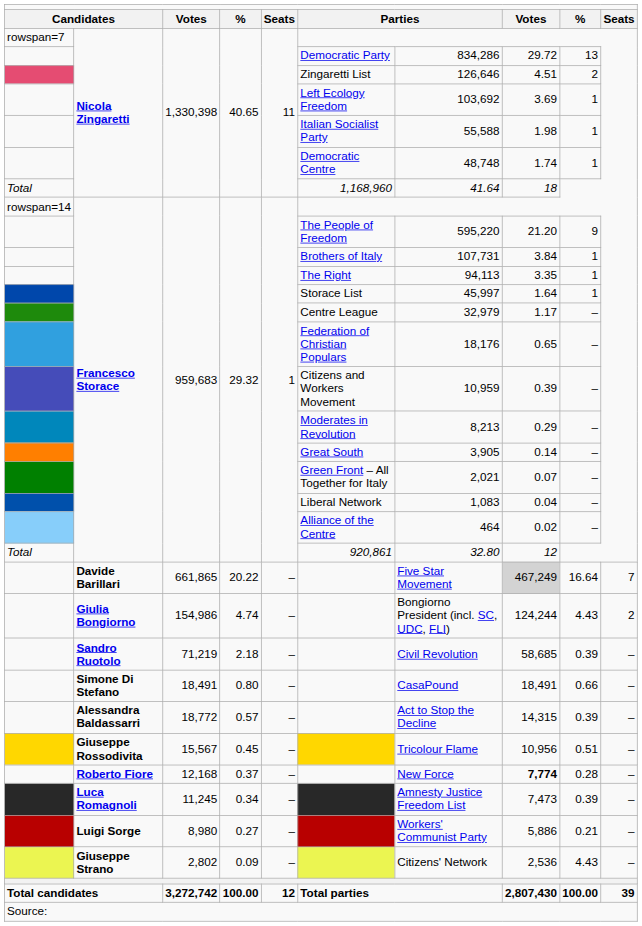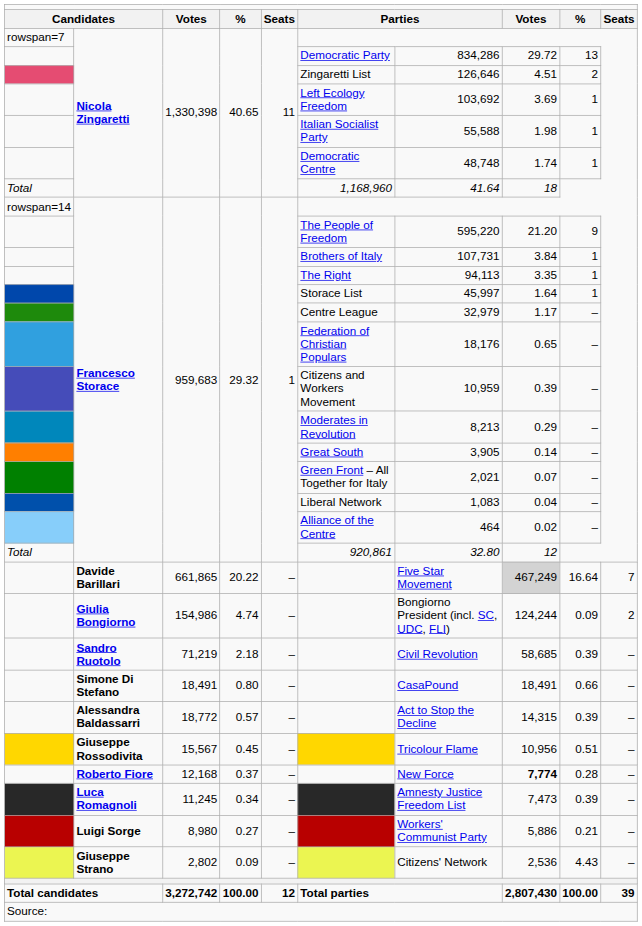 <table class="wikitable">
 <tr>
 <td colspan=10></td>
 </tr>
 <tr>
 <th colspan=2>Candidates</th>
 <th>Votes</th>
 <th>%</th>
 <th>Seats</th>
 <th colspan=2>Parties</th>
 <th>Votes</th>
 <th>%</th>
 <th>Seats</th>
 </tr>
 <tr>
 <td>rowspan=7 </td>
 <td rowspan=7><strong><a href='#'>Nicola Zingaretti</a></strong></td>
 <td rowspan=7 align=right>1,330,398</td>
 <td rowspan=7 align=right>40.65</td>
 <td rowspan=7 align=right>11</td>
 </tr>
 <tr>
 <td></td>
 <td align="left"><a href='#'>Democratic Party</a></td>
 <td align=right>834,286</td>
 <td align=right>29.72</td>
 <td align=right>13</td>
 </tr>
 <tr>
 <td bgcolor="#E54C72"></td>
 <td align="left">Zingaretti List</td>
 <td align=right>126,646</td>
 <td align=right>4.51</td>
 <td align=right>2</td>
 </tr>
 <tr>
 <td></td>
 <td align="left"><a href='#'>Left Ecology Freedom</a></td>
 <td align=right>103,692</td>
 <td align=right>3.69</td>
 <td align=right>1</td>
 </tr>
 <tr>
 <td></td>
 <td align="left"><a href='#'>Italian Socialist Party</a></td>
 <td align=right>55,588</td>
 <td align=right>1.98</td>
 <td align=right>1</td>
 </tr>
 <tr>
 <td></td>
 <td align="left"><a href='#'>Democratic Centre</a></td>
 <td align=right>48,748</td>
 <td align=right>1.74</td>
 <td align=right>1</td>
 </tr>
 <tr>
 <td colspan=2><em>Total</em></td>
 <td align=right><em>1,168,960</em></td>
 <td align=right><em>41.64</em></td>
 <td align=right><em>18</em></td>
 </tr>
 <tr>
 <td>rowspan=14 </td>
 <td rowspan=14><strong><a href='#'>Francesco Storace</a></strong></td>
 <td rowspan=14 align=right>959,683</td>
 <td rowspan=14 align=right>29.32</td>
 <td rowspan=14 align=right>1</td>
 </tr>
 <tr>
 <td></td>
 <td align="left"><a href='#'>The People of Freedom</a></td>
 <td align=right>595,220</td>
 <td align=right>21.20</td>
 <td align=right>9</td>
 </tr>
 <tr>
 <td></td>
 <td align="left"><a href='#'>Brothers of Italy</a></td>
 <td align=right>107,731</td>
 <td align=right>3.84</td>
 <td align=right>1</td>
 </tr>
 <tr>
 <td></td>
 <td align="left"><a href='#'>The Right</a></td>
 <td align=right>94,113</td>
 <td align=right>3.35</td>
 <td align=right>1</td>
 </tr>
 <tr>
 <td bgcolor="#0047AB"></td>
 <td align="left">Storace List</td>
 <td align=right>45,997</td>
 <td align=right>1.64</td>
 <td align=right>1</td>
 </tr>
 <tr>
 <td bgcolor="#1E8A0C"></td>
 <td align="left">Centre League</td>
 <td align=right>32,979</td>
 <td align=right>1.17</td>
 <td align=right>–</td>
 </tr>
 <tr>
 <td bgcolor="#30A0DF"></td>
 <td align="left"><a href='#'>Federation of Christian Populars</a></td>
 <td align=right>18,176</td>
 <td align=right>0.65</td>
 <td align=right>–</td>
 </tr>
 <tr>
 <td bgcolor="#454CB9"></td>
 <td align="left">Citizens and Workers Movement</td>
 <td align=right>10,959</td>
 <td align=right>0.39</td>
 <td align=right>–</td>
 </tr>
 <tr>
 <td bgcolor="#0087BB"></td>
 <td align="left"><a href='#'>Moderates in Revolution</a></td>
 <td align=right>8,213</td>
 <td align=right>0.29</td>
 <td align=right>–</td>
 </tr>
 <tr>
 <td bgcolor="#ff7f00"></td>
 <td align="left"><a href='#'>Great South</a></td>
 <td align=right>3,905</td>
 <td align=right>0.14</td>
 <td align=right>–</td>
 </tr>
 <tr>
 <td bgcolor="green"></td>
 <td align="left"><a href='#'>Green Front</a> – All Together for Italy</td>
 <td align=right>2,021</td>
 <td align=right>0.07</td>
 <td align=right>–</td>
 </tr>
 <tr>
 <td bgcolor="#0050AB"></td>
 <td align="left">Liberal Network</td>
 <td align=right>1,083</td>
 <td align=right>0.04</td>
 <td align=right>–</td>
 </tr>
 <tr>
 <td bgcolor="lightskyblue"></td>
 <td align="left"><a href='#'>Alliance of the Centre</a></td>
 <td align=right>464</td>
 <td align=right>0.02</td>
 <td align=right>–</td>
 </tr>
 <tr>
 <td colspan=2><em>Total</em></td>
 <td align=right><em>920,861</em></td>
 <td align=right><em>32.80</em></td>
 <td align=right><em>12</em></td>
 </tr>
 <tr>
 <td></td>
 <td><strong>Davide Barillari</strong></td>
 <td align=right>661,865</td>
 <td align=right>20.22</td>
 <td align=right>–</td>
 <td></td>
 <td><a href='#'>Five Star Movement</a></td>
 <td align=right style="background: lightgrey;">467,249</td>
 <td align=right>16.64</td>
 <td align=right>7</td>
 </tr>
 <tr>
 <td></td>
 <td><strong><a href='#'>Giulia Bongiorno</a></strong></td>
 <td align=right>154,986</td>
 <td align=right>4.74</td>
 <td align=right>–</td>
 <td></td>
 <td>Bongiorno President (incl. <a href='#'>SC</a>, <a href='#'>UDC</a>, <a href='#'>FLI</a>)</td>
 <td align=right>124,244</td>
-<td align=right>4.43</td>
+<td align=right>0.09</td>
 <td align=right>2</td>
 </tr>
 <tr>
 <td></td>
 <td><strong><a href='#'>Sandro Ruotolo</a></strong></td>
 <td align=right>71,219</td>
 <td align=right>2.18</td>
 <td align=right>–</td>
 <td></td>
 <td><a href='#'>Civil Revolution</a></td>
 <td align=right>58,685</td>
 <td align=right>0.39</td>
 <td align=right>–</td>
 </tr>
 <tr>
 <td></td>
 <td><strong>Simone Di Stefano</strong></td>
 <td align=right>18,491</td>
 <td align=right>0.80</td>
 <td align=right>–</td>
 <td></td>
 <td><a href='#'>CasaPound</a></td>
 <td align=right>18,491</td>
 <td align=right>0.66</td>
 <td align=right>–</td>
 </tr>
 <tr>
 <td></td>
 <td><strong>Alessandra Baldassarri</strong></td>
 <td align=right>18,772</td>
 <td align=right>0.57</td>
 <td align=right>–</td>
 <td></td>
 <td align="left"><a href='#'>Act to Stop the Decline</a></td>
 <td align=right>14,315</td>
 <td align=right>0.39</td>
 <td align=right>–</td>
 </tr>
 <tr>
 <td bgcolor="gold"></td>
 <td><strong>Giuseppe Rossodivita</strong></td>
 <td align=right>15,567</td>
 <td align=right>0.45</td>
 <td align=right>–</td>
 <td bgcolor="gold"></td>
 <td align="left"><a href='#'>Tricolour Flame</a></td>
 <td align=right>10,956</td>
 <td align=right>0.51</td>
 <td align=right>–</td>
 </tr>
 <tr>
 <td></td>
 <td><strong><a href='#'>Roberto Fiore</a></strong></td>
 <td align=right>12,168</td>
 <td align=right>0.37</td>
 <td align=right>–</td>
 <td></td>
 <td align="left"><a href='#'>New Force</a></td>
 <td align=right><strong>7,774</strong></td>
 <td align=right>0.28</td>
 <td align=right>–</td>
 </tr>
 <tr>
 <td bgcolor="#282828"></td>
 <td><strong><a href='#'>Luca Romagnoli</a></strong></td>
 <td align=right>11,245</td>
 <td align=right>0.34</td>
 <td align=right>–</td>
 <td bgcolor="#282828"></td>
 <td align="left"><a href='#'>Amnesty Justice Freedom List</a></td>
 <td align=right>7,473</td>
 <td align=right>0.39</td>
 <td align=right>–</td>
 </tr>
 <tr>
 <td bgcolor="#B80000"></td>
 <td><strong>Luigi Sorge</strong></td>
 <td align=right>8,980</td>
 <td align=right>0.27</td>
 <td align=right>–</td>
 <td bgcolor="#B80000"></td>
 <td align="left"><a href='#'>Workers' Communist Party</a></td>
 <td align=right>5,886</td>
 <td align=right>0.21</td>
 <td align=right>–</td>
 </tr>
 <tr>
 <td bgcolor="#EBF551"></td>
 <td><strong>Giuseppe Strano</strong></td>
 <td align=right>2,802</td>
 <td align=right>0.09</td>
 <td align=right>–</td>
 <td bgcolor="#EBF551"></td>
 <td align="left">Citizens' Network</td>
 <td align=right>2,536</td>
 <td align=right>4.43</td>
 <td align=right>–</td>
 </tr>
 <tr>
 <th colspan=10></th>
 </tr>
 <tr>
 <td colspan=2><strong>Total candidates</strong></td>
 <td align=right><strong>3,272,742</strong></td>
 <td align=right><strong>100.00</strong></td>
 <td align=right><strong>12</strong></td>
 <td colspan=2><strong>Total parties</strong></td>
 <td align=right><strong>2,807,430</strong></td>
 <td align=right><strong>100.00</strong></td>
 <td align=right><strong>39</strong></td>
 </tr>
 <tr>
 <td colspan=10>Source: </td>
 </tr>
 </table>
